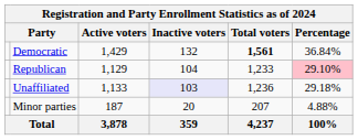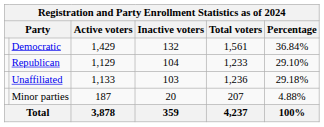 <table class=wikitable>
 <tr>
 <th colspan = 6>Registration and Party Enrollment Statistics as of 2024</th>
 </tr>
 <tr>
 <th colspan = 2>Party</th>
 <th>Active voters</th>
 <th>Inactive voters</th>
 <th>Total voters</th>
 <th>Percentage</th>
 </tr>
 <tr>
 <td></td>
 <td><a href='#'>Democratic</a></td>
 <td style="text-align:center;">1,429</td>
 <td style="text-align:center;">132</td>
-<td style="text-align:center;"><strong>1,561</strong></td>
+<td style="text-align:center;">1,561</td>
 <td style="text-align:center;">36.84%</td>
 </tr>
 <tr>
 <td></td>
 <td><a href='#'>Republican</a></td>
 <td style="text-align:center;">1,129</td>
 <td style="text-align:center;">104</td>
 <td style="text-align:center;">1,233</td>
-<td style="background: pink; text-align:center;">29.10%</td>
+<td style="text-align:center;">29.10%</td>
 </tr>
 <tr>
 <td></td>
 <td><a href='#'>Unaffiliated</a></td>
 <td style="text-align:center;">1,133</td>
-<td style="background: lavender; text-align:center;">103</td>
+<td style="text-align:center;">103</td>
 <td style="text-align:center;">1,236</td>
 <td style="text-align:center;">29.18%</td>
 </tr>
 <tr>
 <td></td>
 <td>Minor parties</td>
 <td style="text-align:center;">187</td>
 <td style="text-align:center;">20</td>
 <td style="text-align:center;">207</td>
 <td style="text-align:center;">4.88%</td>
 </tr>
 <tr>
 <th colspan = 2>Total</th>
 <th style="text-align:center;">3,878</th>
 <th style="text-align:center;">359</th>
 <th style="text-align:center;">4,237</th>
 <th style="text-align:center;">100%</th>
 </tr>
 </table>
